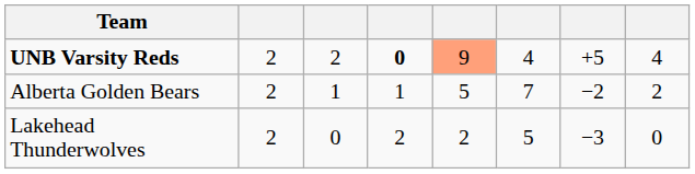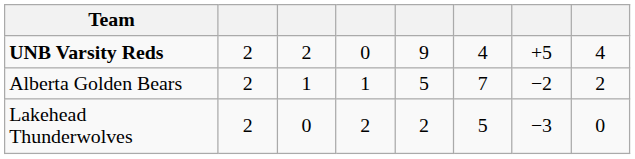 <table class="wikitable" style="text-align:center;">
 <tr>
 <th width=165>Team</th>
 <th width=40></th>
 <th width=40></th>
 <th width=40></th>
 <th width=40></th>
 <th width=40></th>
 <th width=40></th>
 <th width=40></th>
 </tr>
 <tr>
 <td style="text-align:left;"><strong>UNB Varsity Reds</strong></td>
 <td>2</td>
 <td>2</td>
-<td><strong>0</strong></td>
-<td style="background: lightsalmon;">9</td>
+<td>0</td>
+<td>9</td>
 <td>4</td>
 <td>+5</td>
 <td>4</td>
 </tr>
 <tr>
 <td style="text-align:left;">Alberta Golden Bears</td>
 <td>2</td>
 <td>1</td>
 <td>1</td>
 <td>5</td>
 <td>7</td>
 <td>−2</td>
 <td>2</td>
 </tr>
 <tr>
 <td style="text-align:left;">Lakehead Thunderwolves</td>
 <td>2</td>
 <td>0</td>
 <td>2</td>
 <td>2</td>
 <td>5</td>
 <td>−3</td>
 <td>0</td>
 </tr>
 </table>
